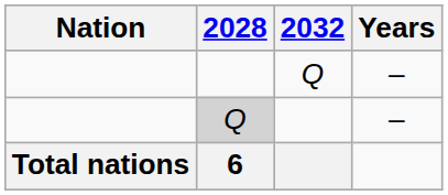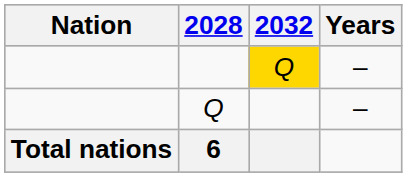 <table class="wikitable" style="text-align:center">
 <tr>
 <th>Nation</th>
 <th><a href='#'>2028</a></th>
 <th><a href='#'>2032</a></th>
 <th>Years</th>
 </tr>
 <tr>
 <td align=left><strong></strong></td>
 <td></td>
-<td><em>Q</em></td>
+<td style="background: gold;"><em>Q</em></td>
 <td>–</td>
 </tr>
 <tr>
 <td align=left><strong></strong></td>
-<td style="background: lightgrey;"><em>Q</em></td>
+<td><em>Q</em></td>
 <td></td>
 <td>–</td>
 </tr>
 <tr>
 <th align=left><strong>Total nations</strong></th>
 <th>6</th>
 <th></th>
 </tr>
 </table>
